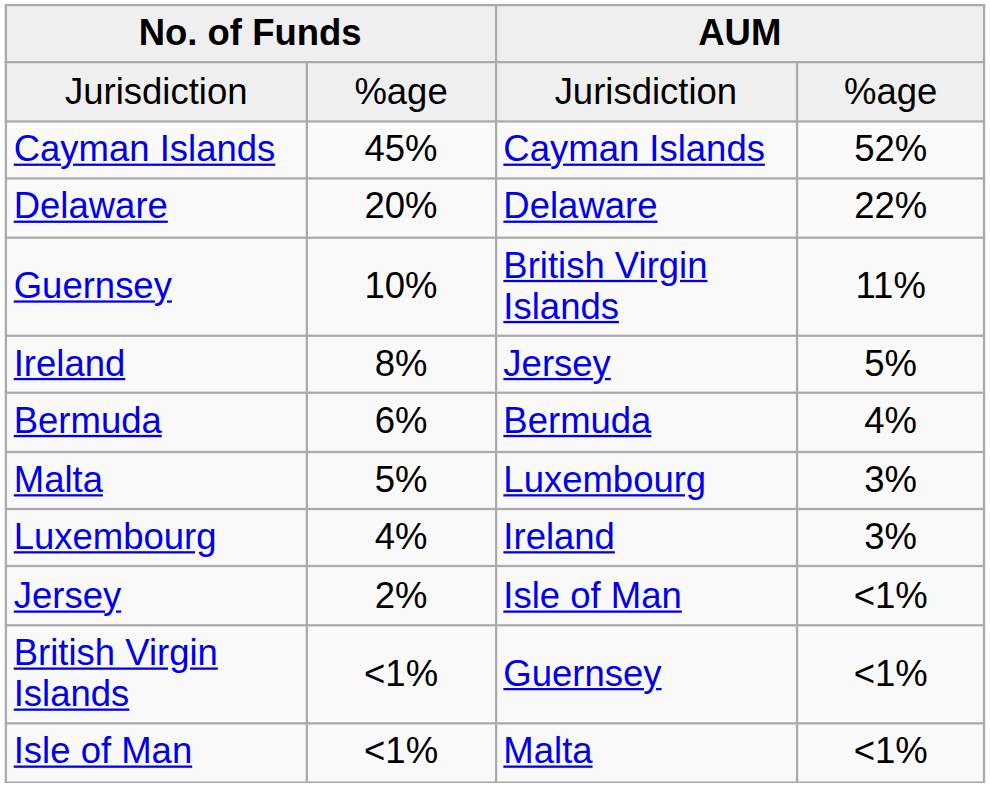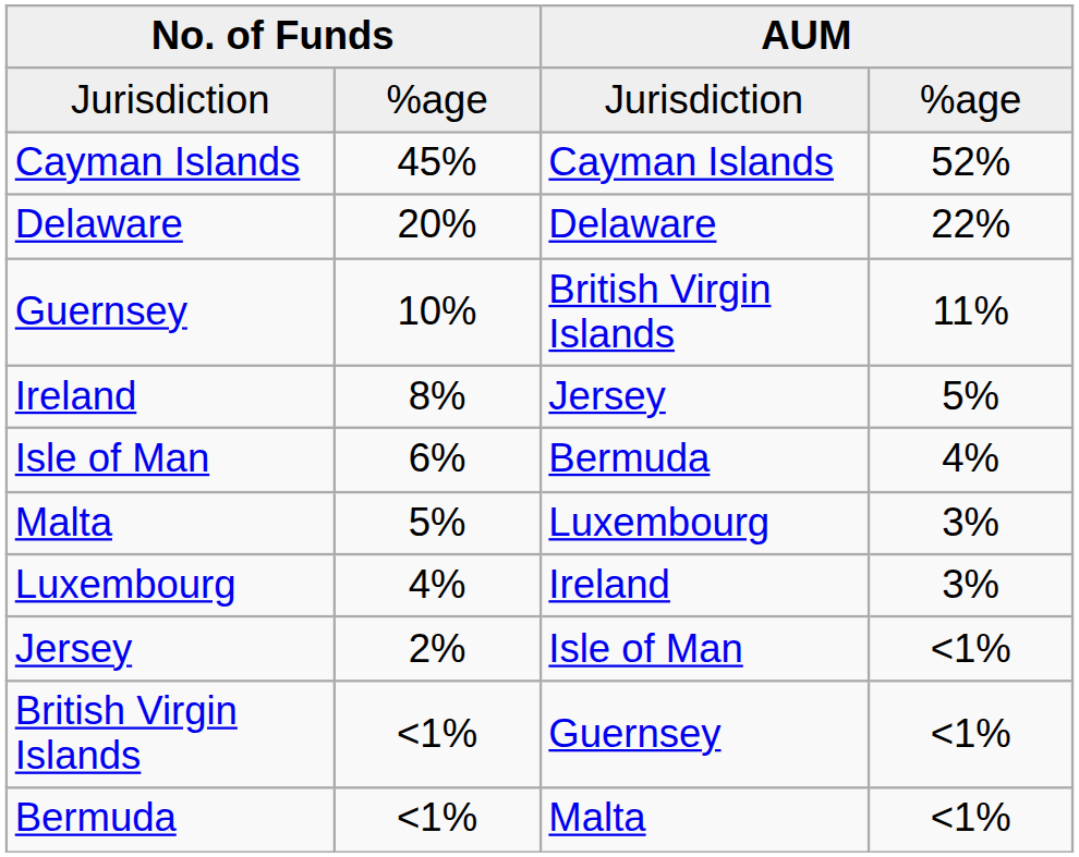 <table class="wikitable" style="margin: 1em auto 1em auto">
 <tr>
 <th colspan=2 align="center" style="background: #efefef;" width="200">No. of Funds</th>
 <th colspan=2 align="center" style="background: #efefef;" width="200">AUM</th>
 </tr>
 <tr>
 <td align="center" style="background: #efefef;" width="125">Jurisdiction</td>
 <td align="center" style="background: #efefef;" width="75">%age</td>
 <td align="center" style="background: #efefef;" width="125">Jurisdiction</td>
 <td align="center" style="background: #efefef;" width="75">%age</td>
 </tr>
 <tr>
 <td><a href='#'>Cayman Islands</a></td>
 <td align="center">45%</td>
 <td><a href='#'>Cayman Islands</a></td>
 <td align="center">52%</td>
 </tr>
 <tr>
 <td><a href='#'>Delaware</a></td>
 <td align="center">20%</td>
 <td><a href='#'>Delaware</a></td>
 <td align="center">22%</td>
 </tr>
 <tr>
 <td><a href='#'>Guernsey</a></td>
 <td align="center">10%</td>
 <td><a href='#'>British Virgin Islands</a></td>
 <td align="center">11%</td>
 </tr>
 <tr>
 <td><a href='#'>Ireland</a></td>
 <td align="center">8%</td>
 <td><a href='#'>Jersey</a></td>
 <td align="center">5%</td>
 </tr>
 <tr>
-<td><a href='#'>Bermuda</a></td>
+<td><a href='#'>Isle of Man</a></td>
 <td align="center">6%</td>
 <td><a href='#'>Bermuda</a></td>
 <td align="center">4%</td>
 </tr>
 <tr>
 <td><a href='#'>Malta</a></td>
 <td align="center">5%</td>
 <td><a href='#'>Luxembourg</a></td>
 <td align="center">3%</td>
 </tr>
 <tr>
 <td><a href='#'>Luxembourg</a></td>
 <td align="center">4%</td>
 <td><a href='#'>Ireland</a></td>
 <td align="center">3%</td>
 </tr>
 <tr>
 <td><a href='#'>Jersey</a></td>
 <td align="center">2%</td>
 <td><a href='#'>Isle of Man</a></td>
 <td align="center"><1%</td>
 </tr>
 <tr>
 <td><a href='#'>British Virgin Islands</a></td>
 <td align="center"><1%</td>
 <td><a href='#'>Guernsey</a></td>
 <td align="center"><1%</td>
 </tr>
 <tr>
-<td><a href='#'>Isle of Man</a></td>
+<td><a href='#'>Bermuda</a></td>
 <td align="center"><1%</td>
 <td><a href='#'>Malta</a></td>
 <td align="center"><1%</td>
 </tr>
 </table>
